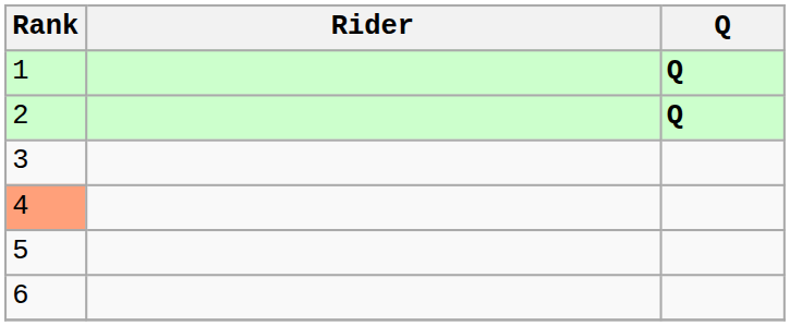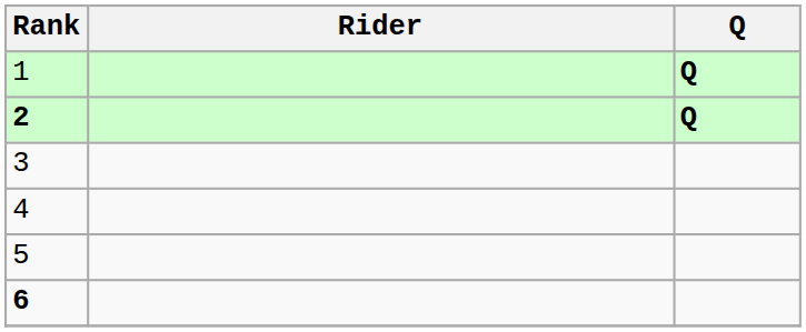 <table class="wikitable" style="font-size:95%" style="text-align:center">
 <tr>
 <th>Rank</th>
 <th width=250>Rider</th>
 <th width=50>Q</th>
 </tr>
 <tr bgcolor=ccffcc>
 <td>1</td>
 <td align=left></td>
 <td><strong>Q</strong></td>
 </tr>
 <tr bgcolor=ccffcc>
-<td>2</td>
+<td><strong>2</strong></td>
 <td align=left></td>
 <td><strong>Q</strong></td>
 </tr>
 <tr>
 <td>3</td>
 <td align=left></td>
 <td></td>
 </tr>
 <tr>
-<td style="background: lightsalmon;">4</td>
+<td>4</td>
 <td align=left></td>
 <td></td>
 </tr>
 <tr>
 <td>5</td>
 <td align=left></td>
 <td></td>
 </tr>
 <tr>
-<td>6</td>
+<td><strong>6</strong></td>
 <td align=left></td>
 <td></td>
 </tr>
 <tr>
 </tr>
 </table>
